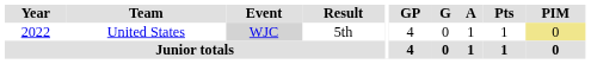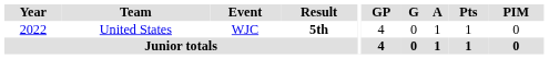 <table border="0" cellpadding="1" cellspacing="0" ID="Table3" style="text-align:center; width:40em;">
 <tr bgcolor="#e0e0e0">
 <th>Year</th>
 <th>Team</th>
 <th>Event</th>
 <th>Result</th>
 <th rowspan="98" bgcolor="#ffffff"></th>
 <th>GP</th>
 <th>G</th>
 <th>A</th>
 <th>Pts</th>
 <th>PIM</th>
 </tr>
 <tr>
 <td><a href='#'>2022</a></td>
 <td><a href='#'>United States</a></td>
-<td style="background: lightgrey;"><a href='#'>WJC</a></td>
-<td>5th</td>
+<td><a href='#'>WJC</a></td>
+<td><strong>5th</strong></td>
 <td>4</td>
 <td>0</td>
 <td>1</td>
 <td>1</td>
-<td style="background: khaki;">0</td>
+<td>0</td>
 </tr>
 <tr bgcolor="#e0e0e0">
 <th colspan="4">Junior totals</th>
 <th>4</th>
 <th>0</th>
 <th>1</th>
 <th>1</th>
 <th>0</th>
 </tr>
 </table>
